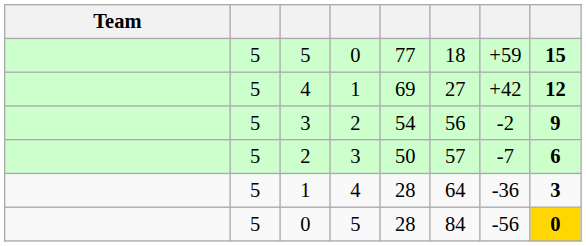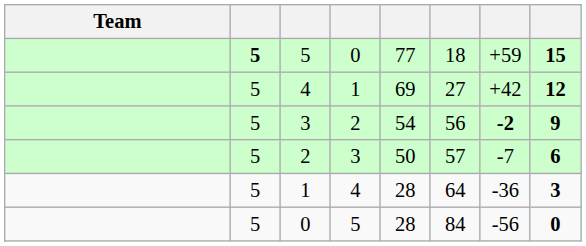 <table class="wikitable" style="text-align:center;font-size:95%">
 <tr>
 <th width="160">Team</th>
 <th width="30"></th>
 <th width="30"></th>
 <th width="30"></th>
 <th width="30"></th>
 <th width="30"></th>
 <th width="30"></th>
 <th width="30"></th>
 </tr>
 <tr bgcolor="ccffcc">
 <td align="left"></td>
-<td>5</td>
+<td><strong>5</strong></td>
 <td>5</td>
 <td>0</td>
 <td>77</td>
 <td>18</td>
 <td>+59</td>
 <td><strong>15</strong></td>
 </tr>
 <tr bgcolor="ccffcc">
 <td align="left"></td>
 <td>5</td>
 <td>4</td>
 <td>1</td>
 <td>69</td>
 <td>27</td>
 <td>+42</td>
 <td><strong>12</strong></td>
 </tr>
 <tr bgcolor="ccffcc">
 <td align="left"></td>
 <td>5</td>
 <td>3</td>
 <td>2</td>
 <td>54</td>
 <td>56</td>
-<td>-2</td>
+<td><strong>-2</strong></td>
 <td><strong>9</strong></td>
 </tr>
 <tr bgcolor="ccffcc">
 <td align="left"></td>
 <td>5</td>
 <td>2</td>
 <td>3</td>
 <td>50</td>
 <td>57</td>
 <td>-7</td>
 <td><strong>6</strong></td>
 </tr>
 <tr>
 <td align="left"></td>
 <td>5</td>
 <td>1</td>
 <td>4</td>
 <td>28</td>
 <td>64</td>
 <td>-36</td>
 <td><strong>3</strong></td>
 </tr>
 <tr>
 <td align="left"></td>
 <td>5</td>
 <td>0</td>
 <td>5</td>
 <td>28</td>
 <td>84</td>
 <td>-56</td>
-<td style="background: gold;"><strong>0</strong></td>
+<td><strong>0</strong></td>
 </tr>
 </table>
